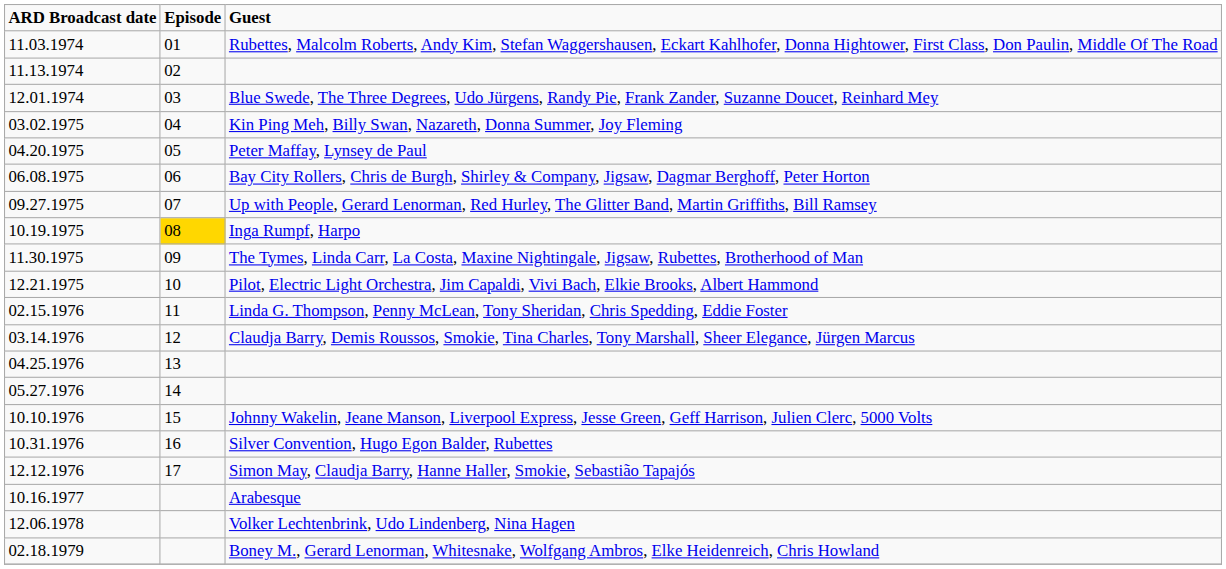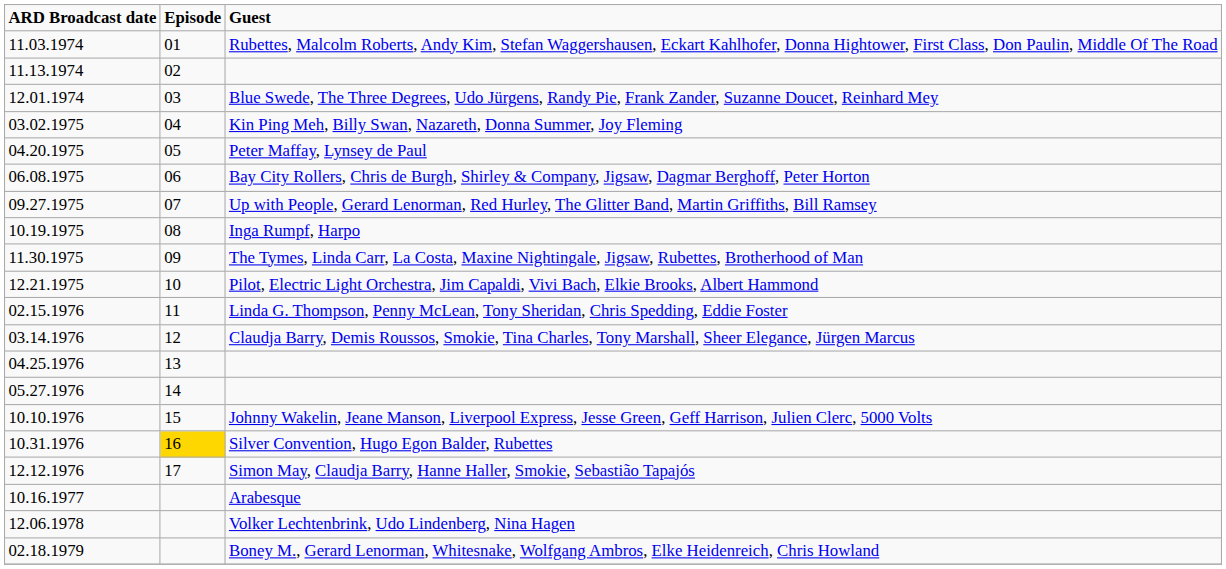 <table class="wikitable center">
 <tr>
 <td><strong>ARD Broadcast date</strong></td>
 <td><strong>Episode</strong></td>
 <td><strong>Guest</strong></td>
 </tr>
 <tr>
 <td>11.03.1974</td>
 <td>01</td>
 <td><a href='#'>Rubettes</a>, <a href='#'>Malcolm Roberts</a>, <a href='#'>Andy Kim</a>, <a href='#'>Stefan Waggershausen</a>, <a href='#'>Eckart Kahlhofer</a>, <a href='#'>Donna Hightower</a>, <a href='#'>First Class</a>, <a href='#'>Don Paulin</a>, <a href='#'>Middle Of The Road</a></td>
 </tr>
 <tr>
 <td>11.13.1974</td>
 <td>02</td>
 <td></td>
 </tr>
 <tr>
 <td>12.01.1974</td>
 <td>03</td>
 <td><a href='#'>Blue Swede</a>, <a href='#'>The Three Degrees</a>, <a href='#'>Udo Jürgens</a>, <a href='#'>Randy Pie</a>, <a href='#'>Frank Zander</a>, <a href='#'>Suzanne Doucet</a>, <a href='#'>Reinhard Mey</a></td>
 </tr>
 <tr>
 <td>03.02.1975</td>
 <td>04</td>
 <td><a href='#'>Kin Ping Meh</a>, <a href='#'>Billy Swan</a>, <a href='#'>Nazareth</a>, <a href='#'>Donna Summer</a>, <a href='#'>Joy Fleming</a></td>
 </tr>
 <tr>
 <td>04.20.1975</td>
 <td>05</td>
 <td><a href='#'>Peter Maffay</a>, <a href='#'>Lynsey de Paul</a></td>
 </tr>
 <tr>
 <td>06.08.1975</td>
 <td>06</td>
 <td><a href='#'>Bay City Rollers</a>, <a href='#'>Chris de Burgh</a>, <a href='#'>Shirley & Company</a>, <a href='#'>Jigsaw</a>, <a href='#'>Dagmar Berghoff</a>, <a href='#'>Peter Horton</a></td>
 </tr>
 <tr>
 <td>09.27.1975</td>
 <td>07</td>
 <td><a href='#'>Up with People</a>, <a href='#'>Gerard Lenorman</a>, <a href='#'>Red Hurley</a>, <a href='#'>The Glitter Band</a>, <a href='#'>Martin Griffiths</a>, <a href='#'>Bill Ramsey</a></td>
 </tr>
 <tr>
 <td>10.19.1975</td>
-<td style="background: gold;">08</td>
+<td>08</td>
 <td><a href='#'>Inga Rumpf</a>, <a href='#'>Harpo</a></td>
 </tr>
 <tr>
 <td>11.30.1975</td>
 <td>09</td>
 <td><a href='#'>The Tymes</a>, <a href='#'>Linda Carr</a>, <a href='#'>La Costa</a>, <a href='#'>Maxine Nightingale</a>, <a href='#'>Jigsaw</a>, <a href='#'>Rubettes</a>, <a href='#'>Brotherhood of Man</a></td>
 </tr>
 <tr>
 <td>12.21.1975</td>
 <td>10</td>
 <td><a href='#'>Pilot</a>, <a href='#'>Electric Light Orchestra</a>, <a href='#'>Jim Capaldi</a>, <a href='#'>Vivi Bach</a>, <a href='#'>Elkie Brooks</a>, <a href='#'>Albert Hammond</a></td>
 </tr>
 <tr>
 <td>02.15.1976</td>
 <td>11</td>
 <td><a href='#'>Linda G. Thompson</a>, <a href='#'>Penny McLean</a>, <a href='#'>Tony Sheridan</a>, <a href='#'>Chris Spedding</a>, <a href='#'>Eddie Foster</a></td>
 </tr>
 <tr>
 <td>03.14.1976</td>
 <td>12</td>
 <td><a href='#'>Claudja Barry</a>, <a href='#'>Demis Roussos</a>, <a href='#'>Smokie</a>, <a href='#'>Tina Charles</a>, <a href='#'>Tony Marshall</a>, <a href='#'>Sheer Elegance</a>, <a href='#'>Jürgen Marcus</a></td>
 </tr>
 <tr>
 <td>04.25.1976</td>
 <td>13</td>
 <td></td>
 </tr>
 <tr>
 <td>05.27.1976</td>
 <td>14</td>
 <td></td>
 </tr>
 <tr>
 <td>10.10.1976</td>
 <td>15</td>
 <td><a href='#'>Johnny Wakelin</a>, <a href='#'>Jeane Manson</a>, <a href='#'>Liverpool Express</a>, <a href='#'>Jesse Green</a>, <a href='#'>Geff Harrison</a>, <a href='#'>Julien Clerc</a>, <a href='#'>5000 Volts</a></td>
 </tr>
 <tr>
 <td>10.31.1976</td>
-<td>16</td>
+<td style="background: gold;">16</td>
 <td><a href='#'>Silver Convention</a>, <a href='#'>Hugo Egon Balder</a>, <a href='#'>Rubettes</a></td>
 </tr>
 <tr>
 <td>12.12.1976</td>
 <td>17</td>
 <td><a href='#'>Simon May</a>, <a href='#'>Claudja Barry</a>, <a href='#'>Hanne Haller</a>, <a href='#'>Smokie</a>, <a href='#'>Sebastião Tapajós</a></td>
 </tr>
 <tr>
 <td>10.16.1977</td>
 <td></td>
 <td><a href='#'>Arabesque</a></td>
 </tr>
 <tr>
 <td>12.06.1978</td>
 <td></td>
 <td><a href='#'>Volker Lechtenbrink</a>, <a href='#'>Udo Lindenberg</a>, <a href='#'>Nina Hagen</a></td>
 </tr>
 <tr>
 <td>02.18.1979</td>
 <td></td>
 <td><a href='#'>Boney M.</a>, <a href='#'>Gerard Lenorman</a>, <a href='#'>Whitesnake</a>, <a href='#'>Wolfgang Ambros</a>, <a href='#'>Elke Heidenreich</a>, <a href='#'>Chris Howland</a></td>
 </tr>
 <tr>
 </tr>
 </table>
